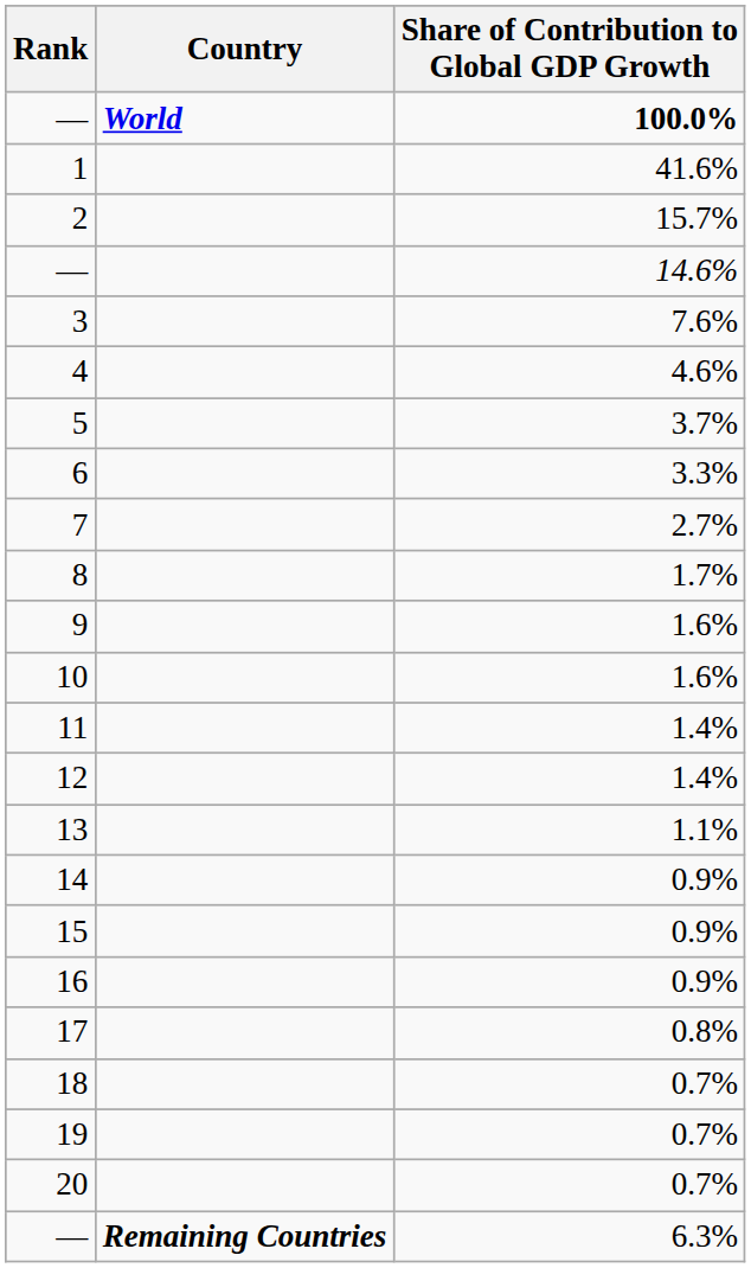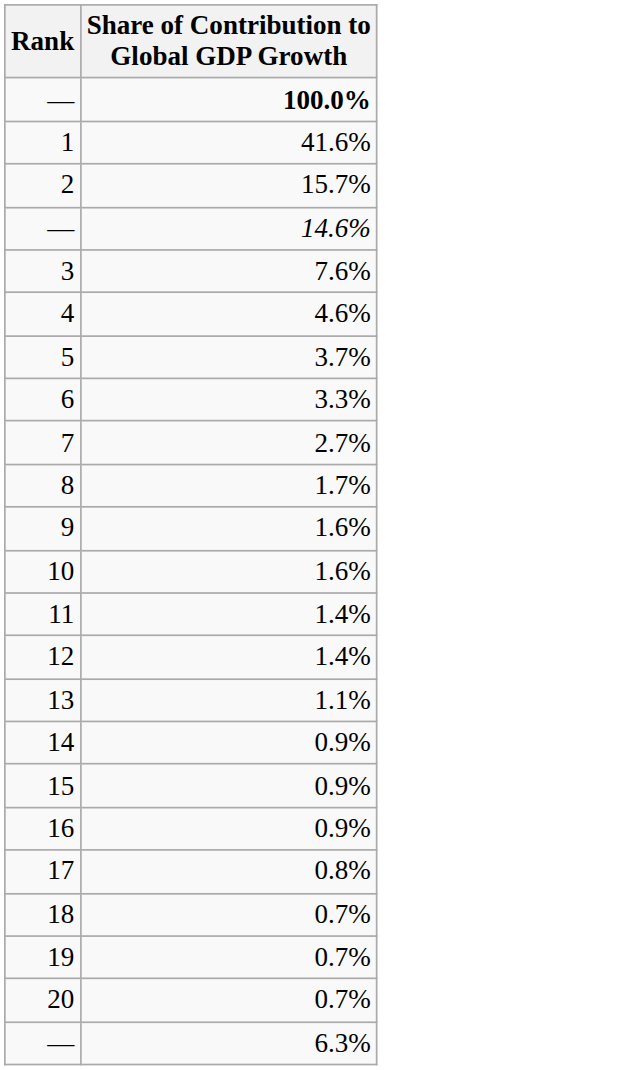 <table class="wikitable" style="text-align: right; display:inline-table;">
 <tr>
 <th style="width:2em;">Rank</th>
-<th>Country</th>
 <th>Share of Contribution to<br>Global GDP Growth</th>
 </tr>
 <tr>
 <td>—</td>
-<td align=left> <strong><em><a href='#'>World</a></em></strong></td>
 <td><strong>100.0%</strong></td>
 </tr>
 <tr>
 <td>1</td>
-<td align=left><strong></strong></td>
 <td>41.6%</td>
 </tr>
 <tr>
 <td>2</td>
-<td align=left><strong></strong></td>
 <td>15.7%</td>
 </tr>
 <tr>
 <td>—</td>
-<td align=left><strong><em></em></strong></td>
 <td><em>14.6%</em></td>
 </tr>
 <tr>
 <td>3</td>
-<td align=left><strong></strong></td>
 <td>7.6%</td>
 </tr>
 <tr>
 <td>4</td>
-<td align=left><strong></strong></td>
 <td>4.6%</td>
 </tr>
 <tr>
 <td>5</td>
-<td align=left><strong></strong></td>
 <td>3.7%</td>
 </tr>
 <tr>
 <td>6</td>
-<td align=left><strong></strong></td>
 <td>3.3%</td>
 </tr>
 <tr>
 <td>7</td>
-<td align=left><strong></strong></td>
 <td>2.7%</td>
 </tr>
 <tr>
 <td>8</td>
-<td align=left><strong></strong></td>
 <td>1.7%</td>
 </tr>
 <tr>
 <td>9</td>
-<td align=left><strong></strong></td>
 <td>1.6%</td>
 </tr>
 <tr>
 <td>10</td>
-<td align=left><strong></strong></td>
 <td>1.6%</td>
 </tr>
 <tr>
 <td>11</td>
-<td align=left><strong></strong></td>
 <td>1.4%</td>
 </tr>
 <tr>
 <td>12</td>
-<td align=left><strong></strong></td>
 <td>1.4%</td>
 </tr>
 <tr>
 <td>13</td>
-<td align=left><strong></strong></td>
 <td>1.1%</td>
 </tr>
 <tr>
 <td>14</td>
-<td align=left><strong></strong></td>
 <td>0.9%</td>
 </tr>
 <tr>
 <td>15</td>
-<td align=left><strong></strong></td>
 <td>0.9%</td>
 </tr>
 <tr>
 <td>16</td>
-<td align=left><strong></strong></td>
 <td>0.9%</td>
 </tr>
 <tr>
 <td>17</td>
-<td align=left><strong></strong></td>
 <td>0.8%</td>
 </tr>
 <tr>
 <td>18</td>
-<td align=left><strong></strong></td>
 <td>0.7%</td>
 </tr>
 <tr>
 <td>19</td>
-<td align=left><strong></strong></td>
 <td>0.7%</td>
 </tr>
 <tr>
 <td>20</td>
-<td align=left><strong></strong></td>
 <td>0.7%</td>
 </tr>
 <tr>
 <td>—</td>
-<td align=left><strong><em>Remaining Countries</em></strong></td>
 <td>6.3%</td>
 </tr>
 </table>
